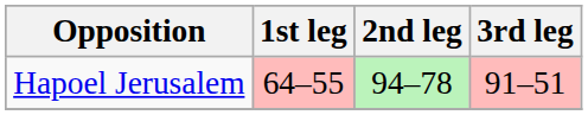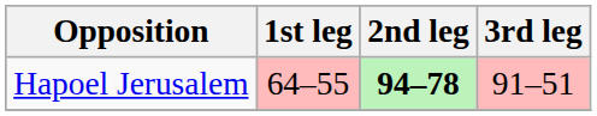 <table class="wikitable" style="text-align: center;">
 <tr>
 <th>Opposition</th>
 <th>1st leg</th>
 <th>2nd leg</th>
 <th>3rd leg</th>
 </tr>
 <tr>
 <td align="left"> <a href='#'>Hapoel Jerusalem</a></td>
 <td bgcolor=#FFBBBB>64–55</td>
-<td bgcolor=#BBF3BB>94–78</td>
+<td bgcolor=#BBF3BB><strong>94–78</strong></td>
 <td bgcolor=#FFBBBB>91–51</td>
 </tr>
 <tr>
 </tr>
 </table>
